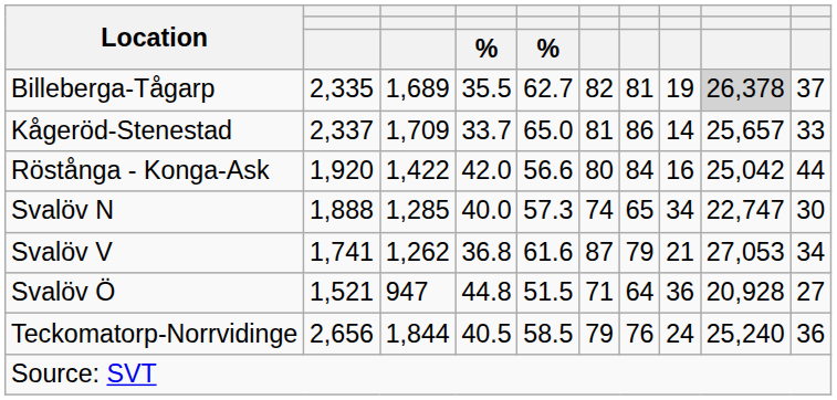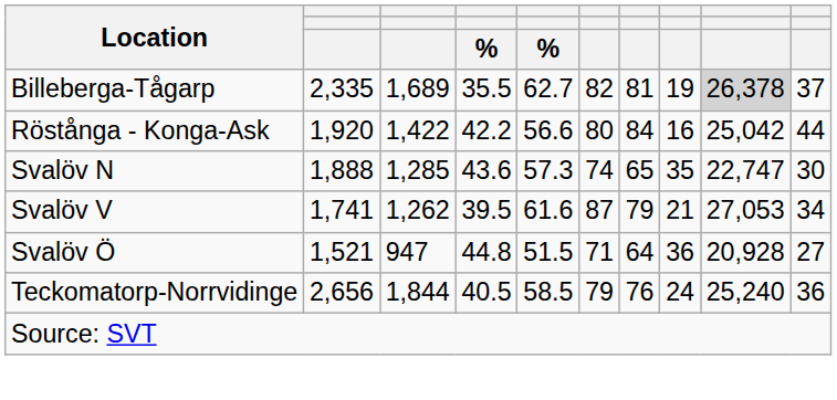 <table role="presentation" class="wikitable sortable mw-collapsible">
 <tr>
 <th rowspan="3">Location</th>
 <th></th>
 <th></th>
 <th></th>
 <th></th>
 <th></th>
 <th></th>
 <th></th>
 <th></th>
 <th></th>
 </tr>
 <tr>
 <th></th>
 <th></th>
 <th style="background:"></th>
 <th style="background:"></th>
 <th></th>
 <th></th>
 <th></th>
 <th></th>
 <th></th>
 </tr>
 <tr>
 <th data-sort-type="number"></th>
 <th data-sort-type="number"></th>
 <th data-sort-type="number">%</th>
 <th data-sort-type="number">%</th>
 <th data-sort-type="number"></th>
 <th data-sort-type="number"></th>
 <th data-sort-type="number"></th>
 <th data-sort-type="number"></th>
 <th data-sort-type="number"></th>
 </tr>
 <tr>
 <td align="left">Billeberga-Tågarp</td>
 <td>2,335</td>
 <td>1,689</td>
 <td>35.5</td>
 <td>62.7</td>
 <td>82</td>
 <td>81</td>
 <td>19</td>
 <td style="background: lightgrey;">26,378</td>
 <td>37</td>
 </tr>
 <tr>
-<td align="left">Kågeröd-Stenestad</td>
-<td>2,337</td>
-<td>1,709</td>
-<td>33.7</td>
-<td>65.0</td>
-<td>81</td>
-<td>86</td>
-<td>14</td>
-<td>25,657</td>
-<td>33</td>
-</tr>
-<tr>
 <td align="left">Röstånga - Konga-Ask</td>
 <td>1,920</td>
 <td>1,422</td>
-<td>42.0</td>
+<td>42.2</td>
 <td>56.6</td>
 <td>80</td>
 <td>84</td>
 <td>16</td>
 <td>25,042</td>
 <td>44</td>
 </tr>
 <tr>
 <td align="left">Svalöv N</td>
 <td>1,888</td>
 <td>1,285</td>
-<td>40.0</td>
+<td>43.6</td>
 <td>57.3</td>
 <td>74</td>
 <td>65</td>
-<td>34</td>
+<td>35</td>
 <td>22,747</td>
 <td>30</td>
 </tr>
 <tr>
 <td align="left">Svalöv V</td>
 <td>1,741</td>
 <td>1,262</td>
-<td>36.8</td>
+<td>39.5</td>
 <td>61.6</td>
 <td>87</td>
 <td>79</td>
 <td>21</td>
 <td>27,053</td>
 <td>34</td>
 </tr>
 <tr>
 <td align="left">Svalöv Ö</td>
 <td>1,521</td>
 <td>947</td>
 <td>44.8</td>
 <td>51.5</td>
 <td>71</td>
 <td>64</td>
 <td>36</td>
 <td>20,928</td>
 <td>27</td>
 </tr>
 <tr>
 <td align="left">Teckomatorp-Norrvidinge</td>
 <td>2,656</td>
 <td>1,844</td>
 <td>40.5</td>
 <td>58.5</td>
 <td>79</td>
 <td>76</td>
 <td>24</td>
 <td>25,240</td>
 <td>36</td>
 </tr>
 <tr>
 <td colspan="10" align="left">Source: <a href='#'>SVT</a></td>
 </tr>
 </table>
